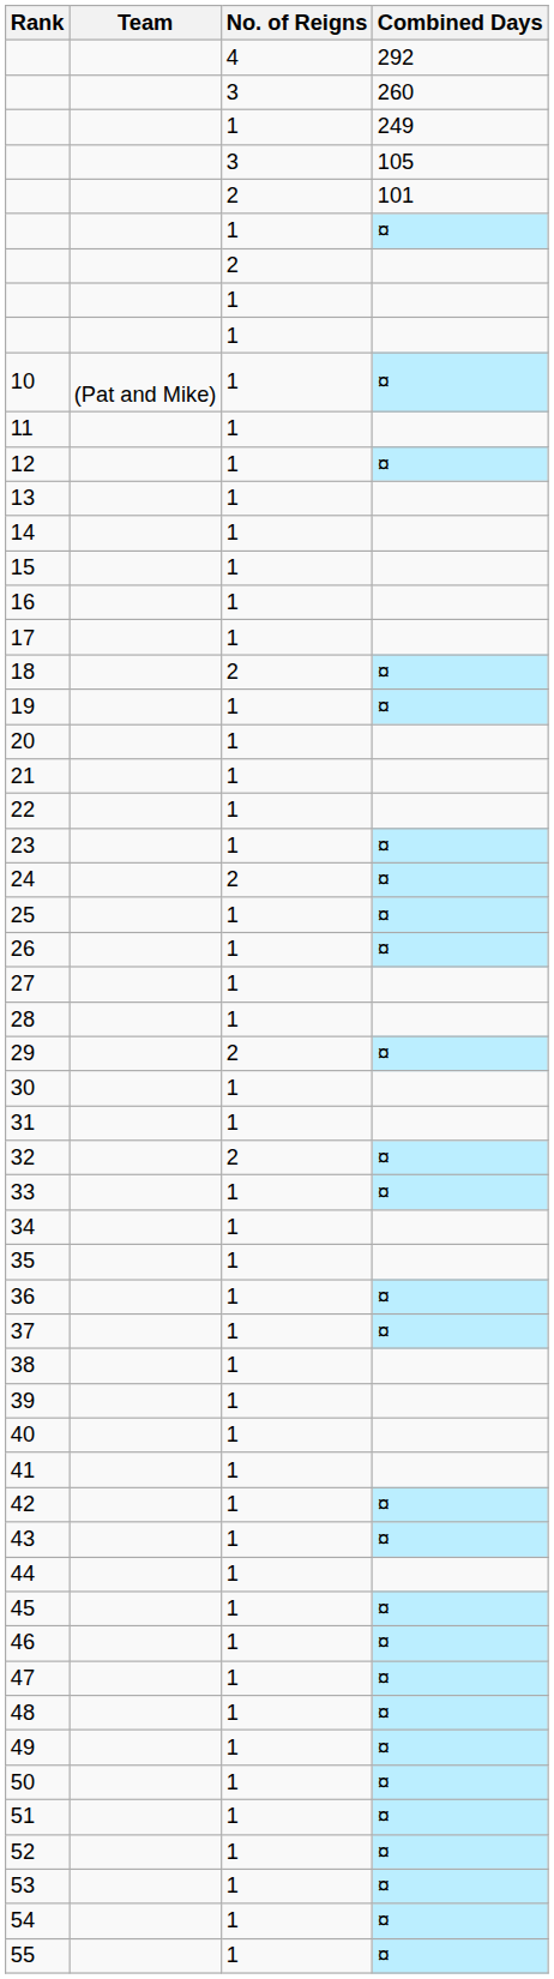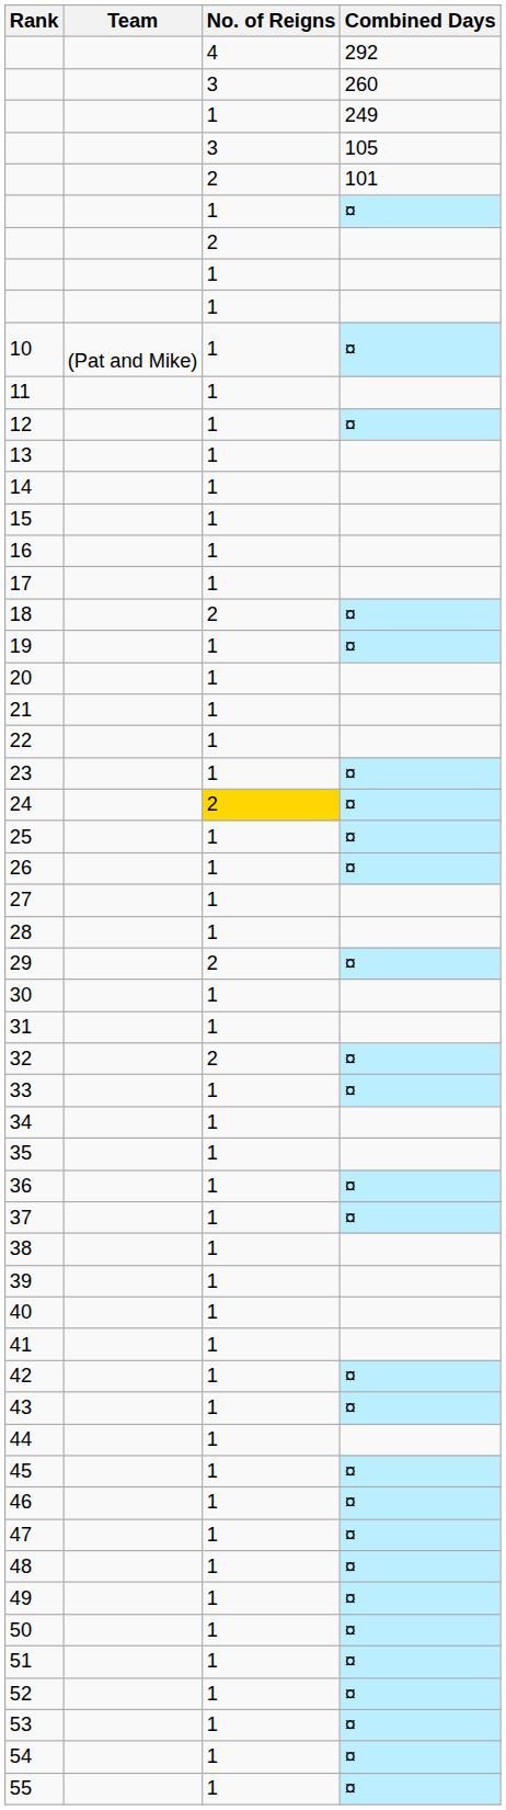 <table class="wikitable sortable">
 <tr>
 <th>Rank</th>
 <th>Team</th>
 <th>No. of Reigns</th>
 <th>Combined Days</th>
 </tr>
 <tr>
 <td></td>
 <td></td>
 <td>4</td>
 <td>292</td>
 </tr>
 <tr>
 <td></td>
 <td></td>
 <td>3</td>
 <td>260</td>
 </tr>
 <tr>
 <td></td>
 <td></td>
 <td>1</td>
 <td>249</td>
 </tr>
 <tr>
 <td></td>
 <td></td>
 <td>3</td>
 <td>105</td>
 </tr>
 <tr>
 <td></td>
 <td></td>
 <td>2</td>
 <td>101</td>
 </tr>
 <tr>
 <td></td>
 <td></td>
 <td>1</td>
 <td style="background-color:#bbeeff">¤</td>
 </tr>
 <tr>
 <td></td>
 <td></td>
 <td>2</td>
 <td></td>
 </tr>
 <tr>
 <td></td>
 <td></td>
 <td>1</td>
 <td></td>
 </tr>
 <tr>
 <td></td>
 <td></td>
 <td>1</td>
 <td></td>
 </tr>
 <tr>
 <td>10</td>
 <td><br>(Pat and Mike)</td>
 <td>1</td>
 <td style="background-color:#bbeeff">¤</td>
 </tr>
 <tr>
 <td>11</td>
 <td></td>
 <td>1</td>
 <td></td>
 </tr>
 <tr>
 <td>12</td>
 <td></td>
 <td>1</td>
 <td style="background-color:#bbeeff">¤</td>
 </tr>
 <tr>
 <td>13</td>
 <td></td>
 <td>1</td>
 <td></td>
 </tr>
 <tr>
 <td>14</td>
 <td></td>
 <td>1</td>
 <td></td>
 </tr>
 <tr>
 <td>15</td>
 <td></td>
 <td>1</td>
 <td></td>
 </tr>
 <tr>
 <td>16</td>
 <td></td>
 <td>1</td>
 <td></td>
 </tr>
 <tr>
 <td>17</td>
 <td></td>
 <td>1</td>
 <td></td>
 </tr>
 <tr>
 <td>18</td>
 <td></td>
 <td>2</td>
 <td style="background-color:#bbeeff">¤</td>
 </tr>
 <tr>
 <td>19</td>
 <td></td>
 <td>1</td>
 <td style="background-color:#bbeeff">¤</td>
 </tr>
 <tr>
 <td>20</td>
 <td></td>
 <td>1</td>
 <td></td>
 </tr>
 <tr>
 <td>21</td>
 <td></td>
 <td>1</td>
 <td></td>
 </tr>
 <tr>
 <td>22</td>
 <td></td>
 <td>1</td>
 <td></td>
 </tr>
 <tr>
 <td>23</td>
 <td></td>
 <td>1</td>
 <td style="background-color:#bbeeff">¤</td>
 </tr>
 <tr>
 <td>24</td>
 <td></td>
-<td>2</td>
+<td style="background: gold;">2</td>
 <td style="background-color:#bbeeff">¤</td>
 </tr>
 <tr>
 <td>25</td>
 <td></td>
 <td>1</td>
 <td style="background-color:#bbeeff">¤</td>
 </tr>
 <tr>
 <td>26</td>
 <td></td>
 <td>1</td>
 <td style="background-color:#bbeeff">¤</td>
 </tr>
 <tr>
 <td>27</td>
 <td></td>
 <td>1</td>
 <td></td>
 </tr>
 <tr>
 <td>28</td>
 <td></td>
 <td>1</td>
 <td></td>
 </tr>
 <tr>
 <td>29</td>
 <td></td>
 <td>2</td>
 <td style="background-color:#bbeeff">¤</td>
 </tr>
 <tr>
 <td>30</td>
 <td></td>
 <td>1</td>
 <td></td>
 </tr>
 <tr>
 <td>31</td>
 <td></td>
 <td>1</td>
 <td></td>
 </tr>
 <tr>
 <td>32</td>
 <td></td>
 <td>2</td>
 <td style="background-color:#bbeeff">¤</td>
 </tr>
 <tr>
 <td>33</td>
 <td></td>
 <td>1</td>
 <td style="background-color:#bbeeff">¤</td>
 </tr>
 <tr>
 <td>34</td>
 <td></td>
 <td>1</td>
 <td></td>
 </tr>
 <tr>
 <td>35</td>
 <td></td>
 <td>1</td>
 <td></td>
 </tr>
 <tr>
 <td>36</td>
 <td></td>
 <td>1</td>
 <td style="background-color:#bbeeff">¤</td>
 </tr>
 <tr>
 <td>37</td>
 <td></td>
 <td>1</td>
 <td style="background-color:#bbeeff">¤</td>
 </tr>
 <tr>
 <td>38</td>
 <td></td>
 <td>1</td>
 <td></td>
 </tr>
 <tr>
 <td>39</td>
 <td></td>
 <td>1</td>
 <td></td>
 </tr>
 <tr>
 <td>40</td>
 <td></td>
 <td>1</td>
 <td></td>
 </tr>
 <tr>
 <td>41</td>
 <td></td>
 <td>1</td>
 <td></td>
 </tr>
 <tr>
 <td>42</td>
 <td></td>
 <td>1</td>
 <td style="background-color:#bbeeff">¤</td>
 </tr>
 <tr>
 <td>43</td>
 <td></td>
 <td>1</td>
 <td style="background-color:#bbeeff">¤</td>
 </tr>
 <tr>
 <td>44</td>
 <td></td>
 <td>1</td>
 <td></td>
 </tr>
 <tr>
 <td>45</td>
 <td></td>
 <td>1</td>
 <td style="background-color:#bbeeff">¤</td>
 </tr>
 <tr>
 <td>46</td>
 <td></td>
 <td>1</td>
 <td style="background-color:#bbeeff">¤</td>
 </tr>
 <tr>
 <td>47</td>
 <td></td>
 <td>1</td>
 <td style="background-color:#bbeeff">¤</td>
 </tr>
 <tr>
 <td>48</td>
 <td></td>
 <td>1</td>
 <td style="background-color:#bbeeff">¤</td>
 </tr>
 <tr>
 <td>49</td>
 <td></td>
 <td>1</td>
 <td style="background-color:#bbeeff">¤</td>
 </tr>
 <tr>
 <td>50</td>
 <td></td>
 <td>1</td>
 <td style="background-color:#bbeeff">¤</td>
 </tr>
 <tr>
 <td>51</td>
 <td></td>
 <td>1</td>
 <td style="background-color:#bbeeff">¤</td>
 </tr>
 <tr>
 <td>52</td>
 <td></td>
 <td>1</td>
 <td style="background-color:#bbeeff">¤</td>
 </tr>
 <tr>
 <td>53</td>
 <td></td>
 <td>1</td>
 <td style="background-color:#bbeeff">¤</td>
 </tr>
 <tr>
 <td>54</td>
 <td></td>
 <td>1</td>
 <td style="background-color:#bbeeff">¤</td>
 </tr>
 <tr>
 <td>55</td>
 <td></td>
 <td>1</td>
 <td style="background-color:#bbeeff">¤</td>
 </tr>
 </table>
